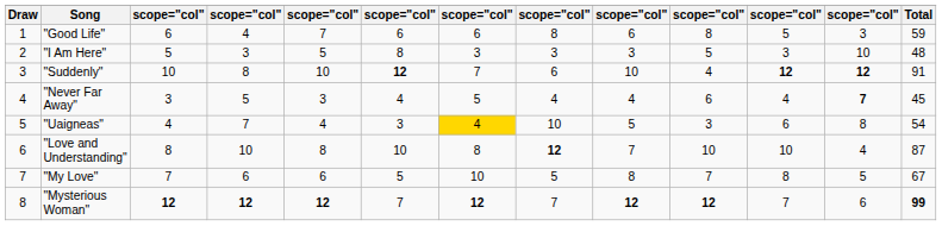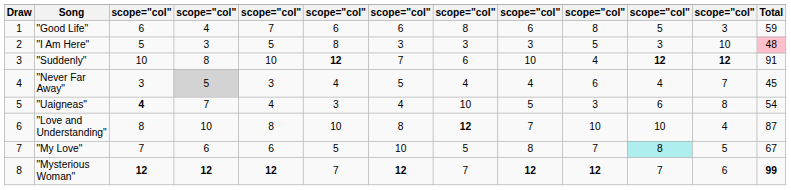 <table class="wikitable plainrowheaders" style="margin: 1em auto 1em auto; text-align:center;">
 <tr>
 </tr>
 <tr --->
 <th scope="col">Draw</th>
 <th scope="col">Song</th>
 <th>scope="col" </th>
 <th>scope="col" </th>
 <th>scope="col" </th>
 <th>scope="col" </th>
 <th>scope="col" </th>
 <th>scope="col" </th>
 <th>scope="col" </th>
 <th>scope="col" </th>
 <th>scope="col" </th>
 <th>scope="col" </th>
 <th scope="col">Total</th>
 </tr>
 <tr --->
 <td>1</td>
 <td align="left">"Good Life"</td>
 <td>6</td>
 <td>4</td>
 <td>7</td>
 <td>6</td>
 <td>6</td>
 <td>8</td>
 <td>6</td>
 <td>8</td>
 <td>5</td>
 <td>3</td>
 <td>59</td>
 </tr>
 <tr --->
 <td>2</td>
 <td align="left">"I Am Here"</td>
 <td>5</td>
 <td>3</td>
 <td>5</td>
 <td>8</td>
 <td>3</td>
 <td>3</td>
 <td>3</td>
 <td>5</td>
 <td>3</td>
 <td>10</td>
-<td>48</td>
+<td style="background: pink;">48</td>
 </tr>
 <tr --->
 <td>3</td>
 <td align="left">"Suddenly"</td>
 <td>10</td>
 <td>8</td>
 <td>10</td>
 <td><strong>12</strong></td>
 <td>7</td>
 <td>6</td>
 <td>10</td>
 <td>4</td>
 <td><strong>12</strong></td>
 <td><strong>12</strong></td>
 <td>91</td>
 </tr>
 <tr --->
 <td>4</td>
 <td align="left">"Never Far Away"</td>
 <td>3</td>
-<td>5</td>
+<td style="background: lightgrey;">5</td>
 <td>3</td>
 <td>4</td>
 <td>5</td>
 <td>4</td>
 <td>4</td>
 <td>6</td>
 <td>4</td>
-<td><strong>7</strong></td>
+<td>7</td>
 <td>45</td>
 </tr>
 <tr --->
 <td>5</td>
 <td align="left">"Uaigneas"</td>
-<td>4</td>
+<td><strong>4</strong></td>
 <td>7</td>
 <td>4</td>
 <td>3</td>
-<td style="background: gold;">4</td>
+<td>4</td>
 <td>10</td>
 <td>5</td>
 <td>3</td>
 <td>6</td>
 <td>8</td>
 <td>54</td>
 </tr>
 <tr --->
 <td>6</td>
 <td align="left">"Love and Understanding"</td>
 <td>8</td>
 <td>10</td>
 <td>8</td>
 <td>10</td>
 <td>8</td>
 <td><strong>12</strong></td>
 <td>7</td>
 <td>10</td>
 <td>10</td>
 <td>4</td>
 <td>87</td>
 </tr>
 <tr --->
 <td>7</td>
 <td align="left">"My Love"</td>
 <td>7</td>
 <td>6</td>
 <td>6</td>
 <td>5</td>
 <td>10</td>
 <td>5</td>
 <td>8</td>
 <td>7</td>
-<td>8</td>
+<td style="background: paleturquoise;">8</td>
 <td>5</td>
 <td>67</td>
 </tr>
 <tr --->
 <td>8</td>
 <td align="left">"Mysterious Woman"</td>
 <td><strong>12</strong></td>
 <td><strong>12</strong></td>
 <td><strong>12</strong></td>
 <td>7</td>
 <td><strong>12</strong></td>
 <td>7</td>
 <td><strong>12</strong></td>
 <td><strong>12</strong></td>
 <td>7</td>
 <td>6</td>
 <td><strong>99</strong></td>
 </tr>
 </table>
